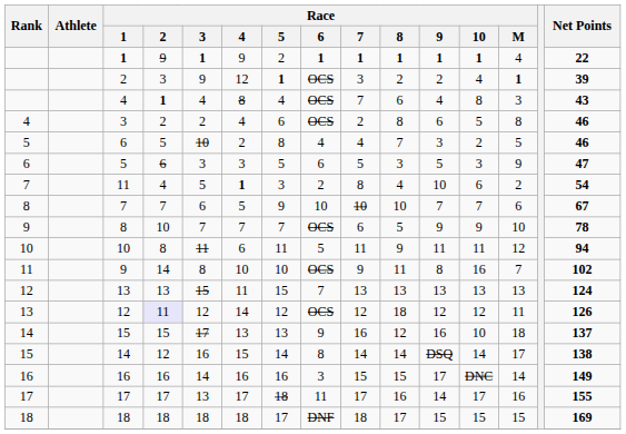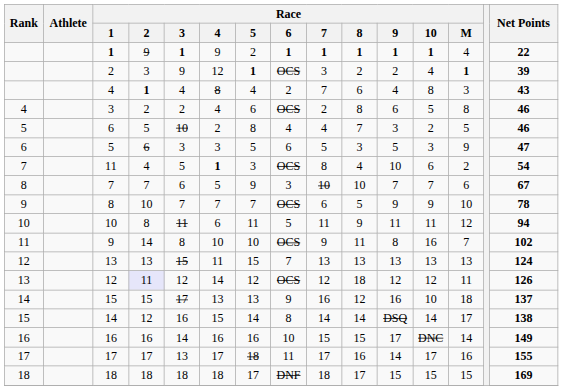 <table class="wikitable" style="text-align:center">
 <tr>
 <th rowspan="2">Rank</th>
 <th rowspan="2">Athlete</th>
 <th colspan="11">Race</th>
 <th width=1% rowspan=45></th>
 <th rowspan="2">Net Points</th>
 </tr>
 <tr>
 <th width=40>1</th>
 <th width=40>2</th>
 <th width=40>3</th>
 <th width=40>4</th>
 <th width=40>5</th>
 <th width=40>6</th>
 <th width=40>7</th>
 <th width=40>8</th>
 <th width=40>9</th>
 <th width=40>10</th>
 <th width=40>M</th>
 </tr>
 <tr>
 <td></td>
 <td align=left></td>
 <td><strong>1</strong></td>
 <td><s>9</s></td>
 <td><strong>1</strong></td>
 <td>9</td>
 <td>2</td>
 <td><strong>1</strong></td>
 <td><strong>1</strong></td>
 <td><strong>1</strong></td>
 <td><strong>1</strong></td>
 <td><strong>1</strong></td>
 <td>4</td>
 <td><strong>22</strong></td>
 </tr>
 <tr>
 <td></td>
 <td align=left></td>
 <td>2</td>
 <td>3</td>
 <td>9</td>
 <td>12</td>
 <td><strong>1</strong></td>
 <td><s>OCS</s></td>
 <td>3</td>
 <td>2</td>
 <td>2</td>
 <td>4</td>
 <td><strong>1</strong></td>
 <td><strong>39</strong></td>
 </tr>
 <tr>
 <td></td>
 <td align=left></td>
 <td>4</td>
 <td><strong>1</strong></td>
 <td>4</td>
 <td><s>8</s></td>
 <td>4</td>
-<td><s>OCS</s></td>
+<td>2</td>
 <td>7</td>
 <td>6</td>
 <td>4</td>
 <td>8</td>
 <td>3</td>
 <td><strong>43</strong></td>
 </tr>
 <tr>
 <td>4</td>
 <td align=left></td>
 <td>3</td>
 <td>2</td>
 <td>2</td>
 <td>4</td>
 <td>6</td>
 <td><s>OCS</s></td>
 <td>2</td>
 <td>8</td>
 <td>6</td>
 <td>5</td>
 <td>8</td>
 <td><strong>46</strong></td>
 </tr>
 <tr>
 <td>5</td>
 <td align=left></td>
 <td>6</td>
 <td>5</td>
 <td><s>10</s></td>
 <td>2</td>
 <td>8</td>
 <td>4</td>
 <td>4</td>
 <td>7</td>
 <td>3</td>
 <td>2</td>
 <td>5</td>
 <td><strong>46</strong></td>
 </tr>
 <tr>
 <td>6</td>
 <td align=left></td>
 <td>5</td>
 <td><s>6</s></td>
 <td>3</td>
 <td>3</td>
 <td>5</td>
 <td>6</td>
 <td>5</td>
 <td>3</td>
 <td>5</td>
 <td>3</td>
 <td>9</td>
 <td><strong>47</strong></td>
 </tr>
 <tr>
 <td>7</td>
 <td align=left></td>
 <td>11</td>
 <td>4</td>
 <td>5</td>
 <td><strong>1</strong></td>
 <td>3</td>
-<td>2</td>
+<td><s>OCS</s></td>
 <td>8</td>
 <td>4</td>
 <td>10</td>
 <td>6</td>
 <td>2</td>
 <td><strong>54</strong></td>
 </tr>
 <tr>
 <td>8</td>
 <td align=left></td>
 <td>7</td>
 <td>7</td>
 <td>6</td>
 <td>5</td>
 <td>9</td>
-<td>10</td>
+<td>3</td>
 <td><s>10</s></td>
 <td>10</td>
 <td>7</td>
 <td>7</td>
 <td>6</td>
 <td><strong>67</strong></td>
 </tr>
 <tr>
 <td>9</td>
 <td align=left></td>
 <td>8</td>
 <td>10</td>
 <td>7</td>
 <td>7</td>
 <td>7</td>
 <td><s>OCS</s></td>
 <td>6</td>
 <td>5</td>
 <td>9</td>
 <td>9</td>
 <td>10</td>
 <td><strong>78</strong></td>
 </tr>
 <tr>
 <td>10</td>
 <td align=left></td>
 <td>10</td>
 <td>8</td>
 <td><s>11</s></td>
 <td>6</td>
 <td>11</td>
 <td>5</td>
 <td>11</td>
 <td>9</td>
 <td>11</td>
 <td>11</td>
 <td>12</td>
 <td><strong>94</strong></td>
 </tr>
 <tr>
 <td>11</td>
 <td align=left></td>
 <td>9</td>
 <td>14</td>
 <td>8</td>
 <td>10</td>
 <td>10</td>
 <td><s>OCS</s></td>
 <td>9</td>
 <td>11</td>
 <td>8</td>
 <td>16</td>
 <td>7</td>
 <td><strong>102</strong></td>
 </tr>
 <tr>
 <td>12</td>
 <td align=left></td>
 <td>13</td>
 <td>13</td>
 <td><s>15</s></td>
 <td>11</td>
 <td>15</td>
 <td>7</td>
 <td>13</td>
 <td>13</td>
 <td>13</td>
 <td>13</td>
 <td>13</td>
 <td><strong>124</strong></td>
 </tr>
 <tr>
 <td>13</td>
 <td align=left></td>
 <td>12</td>
 <td style="background: lavender;">11</td>
 <td>12</td>
 <td>14</td>
 <td>12</td>
 <td><s>OCS</s></td>
 <td>12</td>
 <td>18</td>
 <td>12</td>
 <td>12</td>
 <td>11</td>
 <td><strong>126</strong></td>
 </tr>
 <tr>
 <td>14</td>
 <td align=left></td>
 <td>15</td>
 <td>15</td>
 <td><s>17</s></td>
 <td>13</td>
 <td>13</td>
 <td>9</td>
 <td>16</td>
 <td>12</td>
 <td>16</td>
 <td>10</td>
 <td>18</td>
 <td><strong>137</strong></td>
 </tr>
 <tr>
 <td>15</td>
 <td align=left></td>
 <td>14</td>
 <td>12</td>
 <td>16</td>
 <td>15</td>
 <td>14</td>
 <td>8</td>
 <td>14</td>
 <td>14</td>
 <td><s>DSQ</s></td>
 <td>14</td>
 <td>17</td>
 <td><strong>138</strong></td>
 </tr>
 <tr>
 <td>16</td>
 <td align=left></td>
 <td>16</td>
 <td>16</td>
 <td>14</td>
 <td>16</td>
 <td>16</td>
-<td>3</td>
+<td>10</td>
 <td>15</td>
 <td>15</td>
 <td>17</td>
 <td><s>DNC</s></td>
 <td>14</td>
 <td><strong>149</strong></td>
 </tr>
 <tr>
 <td>17</td>
 <td align=left></td>
 <td>17</td>
 <td>17</td>
 <td>13</td>
 <td>17</td>
 <td><s>18</s></td>
 <td>11</td>
 <td>17</td>
 <td>16</td>
 <td>14</td>
 <td>17</td>
 <td>16</td>
 <td><strong>155</strong></td>
 </tr>
 <tr>
 <td>18</td>
 <td align=left></td>
 <td>18</td>
 <td>18</td>
 <td>18</td>
 <td>18</td>
 <td>17</td>
 <td><s>DNF</s></td>
 <td>18</td>
 <td>17</td>
 <td>15</td>
 <td>15</td>
 <td>15</td>
 <td><strong>169</strong></td>
 </tr>
 <tr>
 </tr>
 </table>
